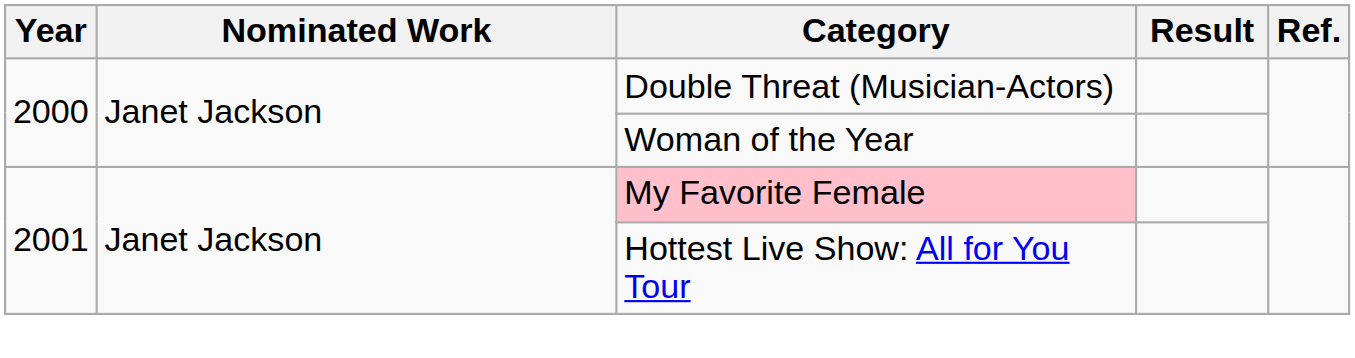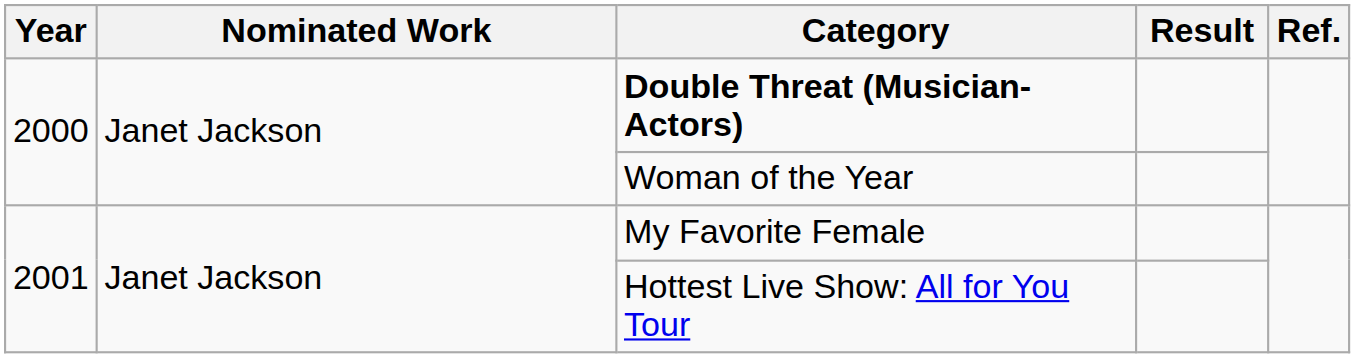 <table class="wikitable" width="50%">
 <tr>
 <th width="5%">Year</th>
 <th width="40%">Nominated Work</th>
 <th width="40%">Category</th>
 <th width="10%">Result</th>
 <th width="5%">Ref.</th>
 </tr>
 <tr>
 <td rowspan="2">2000</td>
 <td rowspan="2">Janet Jackson</td>
-<td>Double Threat (Musician-Actors)</td>
+<td><strong>Double Threat (Musician-Actors)</strong></td>
 <td></td>
 <td rowspan="2"></td>
 </tr>
 <tr>
 <td>Woman of the Year</td>
 <td></td>
 </tr>
 <tr>
 <td rowspan="2">2001</td>
 <td rowspan="2">Janet Jackson</td>
-<td style="background: pink;">My Favorite Female</td>
+<td>My Favorite Female</td>
 <td></td>
 <td rowspan="2"></td>
 </tr>
 <tr>
 <td>Hottest Live Show: <a href='#'>All for You Tour</a></td>
 <td></td>
 </tr>
 </table>
